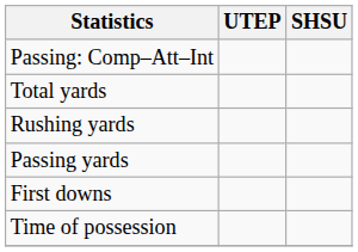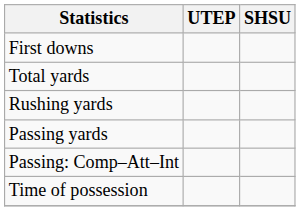 <table class="wikitable" style="float: left;">
 <tr>
 <th>Statistics</th>
 <th>UTEP</th>
 <th>SHSU</th>
 </tr>
 <tr>
-<td>Passing: Comp–Att–Int</td>
+<td>First downs</td>
 <td></td>
 <td></td>
 </tr>
 <tr>
 <td>Total yards</td>
 <td></td>
 <td></td>
 </tr>
 <tr>
 <td>Rushing yards</td>
 <td></td>
 <td></td>
 </tr>
 <tr>
 <td>Passing yards</td>
 <td></td>
 <td></td>
 </tr>
 <tr>
-<td>First downs</td>
+<td>Passing: Comp–Att–Int</td>
 <td></td>
 <td></td>
 </tr>
 <tr>
 <td>Time of possession</td>
 <td></td>
 <td></td>
 </tr>
 <tr>
 </tr>
 </table>
